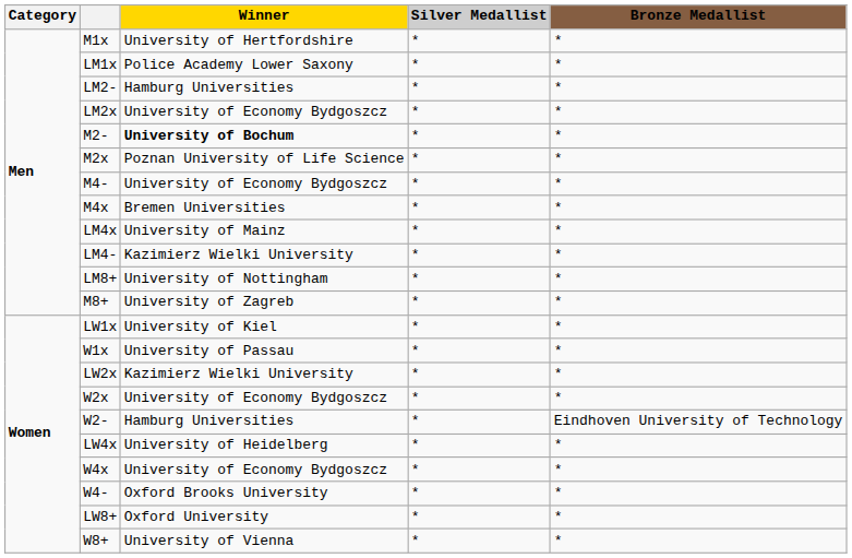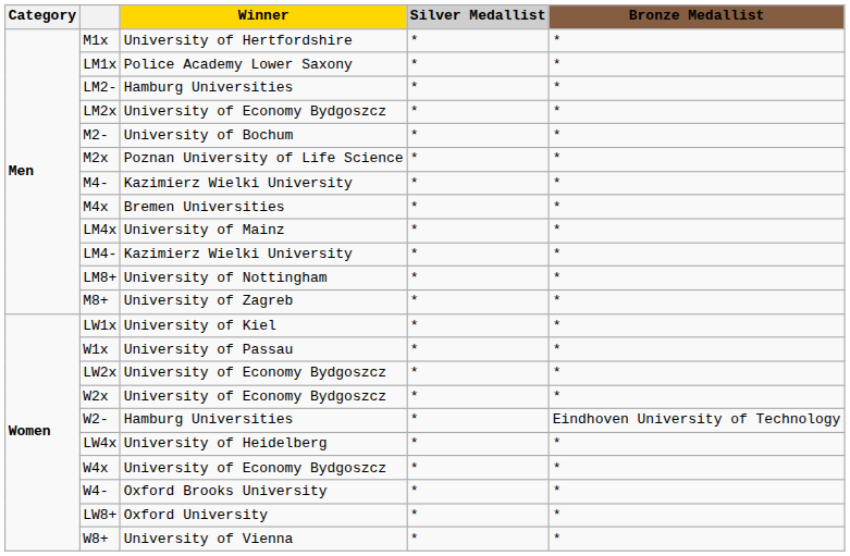 <table class=wikitable style="font-size:90%;">
 <tr>
 <th>Category</th>
 <th></th>
 <th style="background:#FFD700;">Winner</th>
 <th style="background:#CECECE;">Silver Medallist</th>
 <th style="background:#855E42;">Bronze Medallist</th>
 </tr>
 <tr>
 <td rowspan=12><strong>Men</strong></td>
 <td>M1x</td>
 <td>University of Hertfordshire <br> </td>
 <td>*</td>
 <td>*</td>
 </tr>
 <tr>
 <td>LM1x</td>
 <td>Police Academy Lower Saxony <br> </td>
 <td>*</td>
 <td>*</td>
 </tr>
 <tr>
 <td>LM2-</td>
 <td>Hamburg Universities <br> </td>
 <td>*</td>
 <td>*</td>
 </tr>
 <tr>
 <td>LM2x</td>
 <td>University of Economy Bydgoszcz <br> </td>
 <td>*</td>
 <td>*</td>
 </tr>
 <tr>
 <td>M2-</td>
-<td><strong>University of Bochum <br> </strong></td>
+<td>University of Bochum <br> </td>
 <td>*</td>
 <td>*</td>
 </tr>
 <tr>
 <td>M2x</td>
 <td>Poznan University of Life Science <br> </td>
 <td>*</td>
 <td>*</td>
 </tr>
 <tr>
 <td>M4-</td>
-<td>University of Economy Bydgoszcz  <br> </td>
+<td>Kazimierz Wielki University <br> </td>
 <td>*</td>
 <td>*</td>
 </tr>
 <tr>
 <td>M4x</td>
 <td>Bremen Universities <br> </td>
 <td>*</td>
 <td>*</td>
 </tr>
 <tr>
 <td>LM4x</td>
 <td>University of Mainz <br> </td>
 <td>*</td>
 <td>*</td>
 </tr>
 <tr>
 <td>LM4-</td>
 <td>Kazimierz Wielki University <br> </td>
 <td>*</td>
 <td>*</td>
 </tr>
 <tr>
 <td>LM8+</td>
 <td>University of Nottingham <br> </td>
 <td>*</td>
 <td>*</td>
 </tr>
 <tr>
 <td>M8+</td>
 <td>University of Zagreb <br> </td>
 <td>*</td>
 <td>*</td>
 </tr>
 <tr>
 <td rowspan=10><strong>Women</strong></td>
 <td>LW1x</td>
 <td>University of Kiel <br> </td>
 <td>*</td>
 <td>*</td>
 </tr>
 <tr>
 <td>W1x</td>
 <td>University of Passau <br> </td>
 <td>*</td>
 <td>*</td>
 </tr>
 <tr>
 <td>LW2x</td>
-<td>Kazimierz Wielki University <br> </td>
+<td>University of Economy Bydgoszcz  <br> </td>
 <td>*</td>
 <td>*</td>
 </tr>
 <tr>
 <td>W2x</td>
 <td>University of Economy Bydgoszcz  <br> </td>
 <td>*</td>
 <td>*</td>
 </tr>
 <tr>
 <td>W2-</td>
 <td>Hamburg Universities  <br> </td>
 <td>*</td>
 <td>Eindhoven University of Technology <br> </td>
 </tr>
 <tr>
 <td>LW4x</td>
 <td>University of Heidelberg <br> </td>
 <td>*</td>
 <td>*</td>
 </tr>
 <tr>
 <td>W4x</td>
 <td>University of Economy Bydgoszcz <br> </td>
 <td>*</td>
 <td>*</td>
 </tr>
 <tr>
 <td>W4-</td>
 <td>Oxford Brooks University  <br> </td>
 <td>*</td>
 <td>*</td>
 </tr>
 <tr>
 <td>LW8+</td>
 <td>Oxford University <br> </td>
 <td>*</td>
 <td>*</td>
 </tr>
 <tr>
 <td>W8+</td>
 <td>University of Vienna  <br> </td>
 <td>*</td>
 <td>*</td>
 </tr>
 </table>
